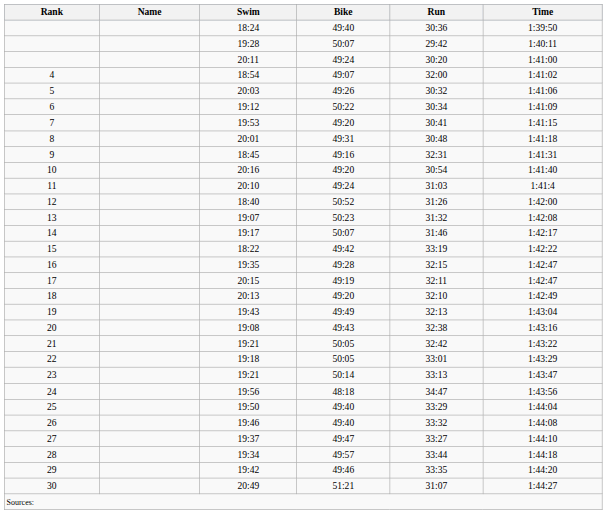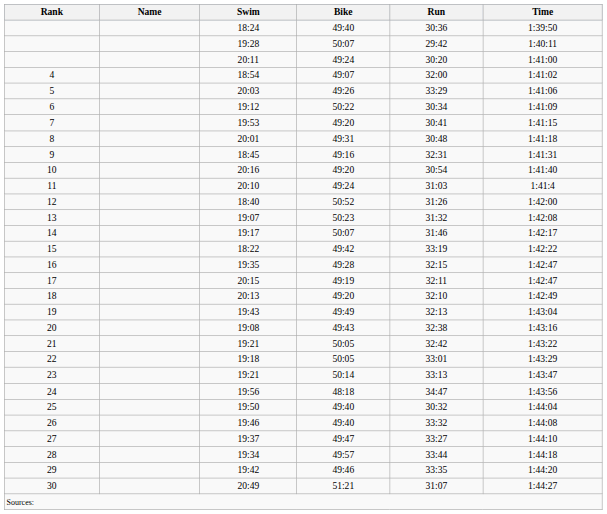 <table class="wikitable sortable" style="font-size:95%" width="60%">
 <tr bgcolor="lightsteelblue">
 <th>Rank</th>
 <th>Name</th>
 <th>Swim</th>
 <th>Bike</th>
 <th>Run</th>
 <th>Time</th>
 </tr>
 <tr align="center">
 <td></td>
 <td align="left"></td>
 <td>18:24</td>
 <td>49:40</td>
 <td>30:36</td>
 <td>1:39:50</td>
 </tr>
 <tr align="center">
 <td></td>
 <td align="left"></td>
 <td>19:28</td>
 <td>50:07</td>
 <td>29:42</td>
 <td>1:40:11</td>
 </tr>
 <tr align="center">
 <td></td>
 <td align="left"></td>
 <td>20:11</td>
 <td>49:24</td>
 <td>30:20</td>
 <td>1:41:00</td>
 </tr>
 <tr align="center">
 <td>4</td>
 <td align="left"></td>
 <td>18:54</td>
 <td>49:07</td>
 <td>32:00</td>
 <td>1:41:02</td>
 </tr>
 <tr align="center">
 <td>5</td>
 <td align="left"></td>
 <td>20:03</td>
 <td>49:26</td>
-<td>30:32</td>
+<td>33:29</td>
 <td>1:41:06</td>
 </tr>
 <tr align="center">
 <td>6</td>
 <td align="left"></td>
 <td>19:12</td>
 <td>50:22</td>
 <td>30:34</td>
 <td>1:41:09</td>
 </tr>
 <tr align="center">
 <td>7</td>
 <td align="left"></td>
 <td>19:53</td>
 <td>49:20</td>
 <td>30:41</td>
 <td>1:41:15</td>
 </tr>
 <tr align="center">
 <td>8</td>
 <td align="left"></td>
 <td>20:01</td>
 <td>49:31</td>
 <td>30:48</td>
 <td>1:41:18</td>
 </tr>
 <tr align="center">
 <td>9</td>
 <td align="left"></td>
 <td>18:45</td>
 <td>49:16</td>
 <td>32:31</td>
 <td>1:41:31</td>
 </tr>
 <tr align="center">
 <td>10</td>
 <td align="left"></td>
 <td>20:16</td>
 <td>49:20</td>
 <td>30:54</td>
 <td>1:41:40</td>
 </tr>
 <tr align="center">
 <td>11</td>
 <td align="left"></td>
 <td>20:10</td>
 <td>49:24</td>
 <td>31:03</td>
 <td>1:41:4</td>
 </tr>
 <tr align="center">
 <td>12</td>
 <td align="left"></td>
 <td>18:40</td>
 <td>50:52</td>
 <td>31:26</td>
 <td>1:42:00</td>
 </tr>
 <tr align="center">
 <td>13</td>
 <td align="left"></td>
 <td>19:07</td>
 <td>50:23</td>
 <td>31:32</td>
 <td>1:42:08</td>
 </tr>
 <tr align="center">
 <td>14</td>
 <td align="left"></td>
 <td>19:17</td>
 <td>50:07</td>
 <td>31:46</td>
 <td>1:42:17</td>
 </tr>
 <tr align="center">
 <td>15</td>
 <td align="left"></td>
 <td>18:22</td>
 <td>49:42</td>
 <td>33:19</td>
 <td>1:42:22</td>
 </tr>
 <tr align="center">
 <td>16</td>
 <td align="left"></td>
 <td>19:35</td>
 <td>49:28</td>
 <td>32:15</td>
 <td>1:42:47</td>
 </tr>
 <tr align="center">
 <td>17</td>
 <td align="left"></td>
 <td>20:15</td>
 <td>49:19</td>
 <td>32:11</td>
 <td>1:42:47</td>
 </tr>
 <tr align="center">
 <td>18</td>
 <td align="left"></td>
 <td>20:13</td>
 <td>49:20</td>
 <td>32:10</td>
 <td>1:42:49</td>
 </tr>
 <tr align="center">
 <td>19</td>
 <td align="left"></td>
 <td>19:43</td>
 <td>49:49</td>
 <td>32:13</td>
 <td>1:43:04</td>
 </tr>
 <tr align="center">
 <td>20</td>
 <td align="left"></td>
 <td>19:08</td>
 <td>49:43</td>
 <td>32:38</td>
 <td>1:43:16</td>
 </tr>
 <tr align="center">
 <td>21</td>
 <td align="left"></td>
 <td>19:21</td>
 <td>50:05</td>
 <td>32:42</td>
 <td>1:43:22</td>
 </tr>
 <tr align="center">
 <td>22</td>
 <td align="left"></td>
 <td>19:18</td>
 <td>50:05</td>
 <td>33:01</td>
 <td>1:43:29</td>
 </tr>
 <tr align="center">
 <td>23</td>
 <td align="left"></td>
 <td>19:21</td>
 <td>50:14</td>
 <td>33:13</td>
 <td>1:43:47</td>
 </tr>
 <tr align="center">
 <td>24</td>
 <td align="left"></td>
 <td>19:56</td>
 <td>48:18</td>
 <td>34:47</td>
 <td>1:43:56</td>
 </tr>
 <tr align="center">
 <td>25</td>
 <td align="left"></td>
 <td>19:50</td>
 <td>49:40</td>
-<td>33:29</td>
+<td>30:32</td>
 <td>1:44:04</td>
 </tr>
 <tr align="center">
 <td>26</td>
 <td align="left"></td>
 <td>19:46</td>
 <td>49:40</td>
 <td>33:32</td>
 <td>1:44:08</td>
 </tr>
 <tr align="center">
 <td>27</td>
 <td align="left"></td>
 <td>19:37</td>
 <td>49:47</td>
 <td>33:27</td>
 <td>1:44:10</td>
 </tr>
 <tr align="center">
 <td>28</td>
 <td align="left"></td>
 <td>19:34</td>
 <td>49:57</td>
 <td>33:44</td>
 <td>1:44:18</td>
 </tr>
 <tr align="center">
 <td>29</td>
 <td align="left"></td>
 <td>19:42</td>
 <td>49:46</td>
 <td>33:35</td>
 <td>1:44:20</td>
 </tr>
 <tr align="center">
 <td>30</td>
 <td align="left"></td>
 <td>20:49</td>
 <td>51:21</td>
 <td>31:07</td>
 <td>1:44:27</td>
 </tr>
 <tr class="sortbottom">
 <td colspan="6"><small>Sources:</small></td>
 </tr>
 </table>
